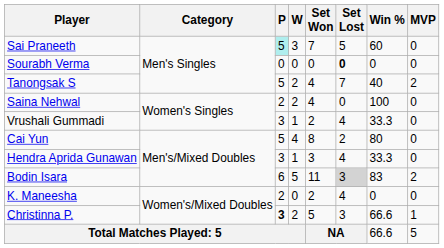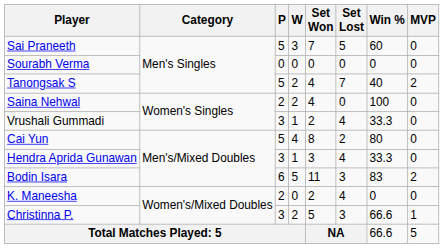 <table class="wikitable">
 <tr>
 <th>Player</th>
 <th>Category</th>
 <th>P</th>
 <th>W</th>
 <th>Set<br>Won</th>
 <th>Set<br>Lost</th>
 <th>Win %</th>
 <th>MVP</th>
 </tr>
 <tr>
 <td> <a href='#'>Sai Praneeth</a></td>
 <td rowspan="3">Men's Singles</td>
-<td style="background: paleturquoise;">5</td>
+<td>5</td>
 <td>3</td>
 <td>7</td>
 <td>5</td>
 <td>60</td>
 <td>0</td>
 </tr>
 <tr>
 <td> <a href='#'>Sourabh Verma</a></td>
 <td>0</td>
 <td>0</td>
 <td>0</td>
-<td><strong>0</strong></td>
+<td>0</td>
 <td>0</td>
 <td>0</td>
 </tr>
 <tr>
 <td> <a href='#'>Tanongsak S</a></td>
 <td>5</td>
 <td>2</td>
 <td>4</td>
 <td>7</td>
 <td>40</td>
 <td>2</td>
 </tr>
 <tr>
 <td> <a href='#'>Saina Nehwal</a></td>
 <td rowspan="2">Women's Singles</td>
 <td>2</td>
 <td>2</td>
 <td>4</td>
 <td>0</td>
 <td>100</td>
 <td>0</td>
 </tr>
 <tr>
 <td> Vrushali Gummadi</td>
 <td>3</td>
 <td>1</td>
 <td>2</td>
 <td>4</td>
 <td>33.3</td>
 <td>0</td>
 </tr>
 <tr>
 <td> <a href='#'>Cai Yun</a></td>
 <td rowspan="3">Men's/Mixed Doubles</td>
 <td>5</td>
 <td>4</td>
 <td>8</td>
 <td>2</td>
 <td>80</td>
 <td>0</td>
 </tr>
 <tr>
 <td> <a href='#'>Hendra Aprida Gunawan</a></td>
 <td>3</td>
 <td>1</td>
 <td>3</td>
 <td>4</td>
 <td>33.3</td>
 <td>0</td>
 </tr>
 <tr>
 <td> <a href='#'>Bodin Isara</a></td>
 <td>6</td>
 <td>5</td>
 <td>11</td>
-<td style="background: lightgrey;">3</td>
+<td>3</td>
 <td>83</td>
 <td>2</td>
 </tr>
 <tr>
 <td> <a href='#'>K. Maneesha</a></td>
 <td rowspan="2">Women's/Mixed Doubles</td>
 <td>2</td>
 <td>0</td>
 <td>2</td>
 <td>4</td>
 <td>0</td>
 <td>0</td>
 </tr>
 <tr>
 <td> <a href='#'>Christinna P.</a></td>
-<td><strong>3</strong></td>
+<td>3</td>
 <td>2</td>
 <td>5</td>
 <td>3</td>
 <td>66.6</td>
 <td>1</td>
 </tr>
 <tr>
 <th colspan="4">Total Matches Played: 5</th>
 <th colspan="2">NA</th>
 <td>66.6</td>
 <td>5</td>
 </tr>
 </table>
